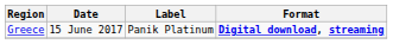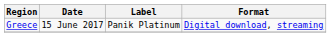 <table class="sortable wikitable">
 <tr>
 <th>Region</th>
 <th>Date</th>
 <th>Label</th>
 <th>Format</th>
 </tr>
 <tr>
 <td><a href='#'>Greece</a></td>
 <td rowspan="1">15 June 2017</td>
 <td rowspan="1">Panik Platinum</td>
-<td><strong><a href='#'>Digital download</a>, <a href='#'>streaming</a></strong></td>
+<td><a href='#'>Digital download</a>, <a href='#'>streaming</a></td>
 </tr>
 <tr>
 </tr>
 </table>
